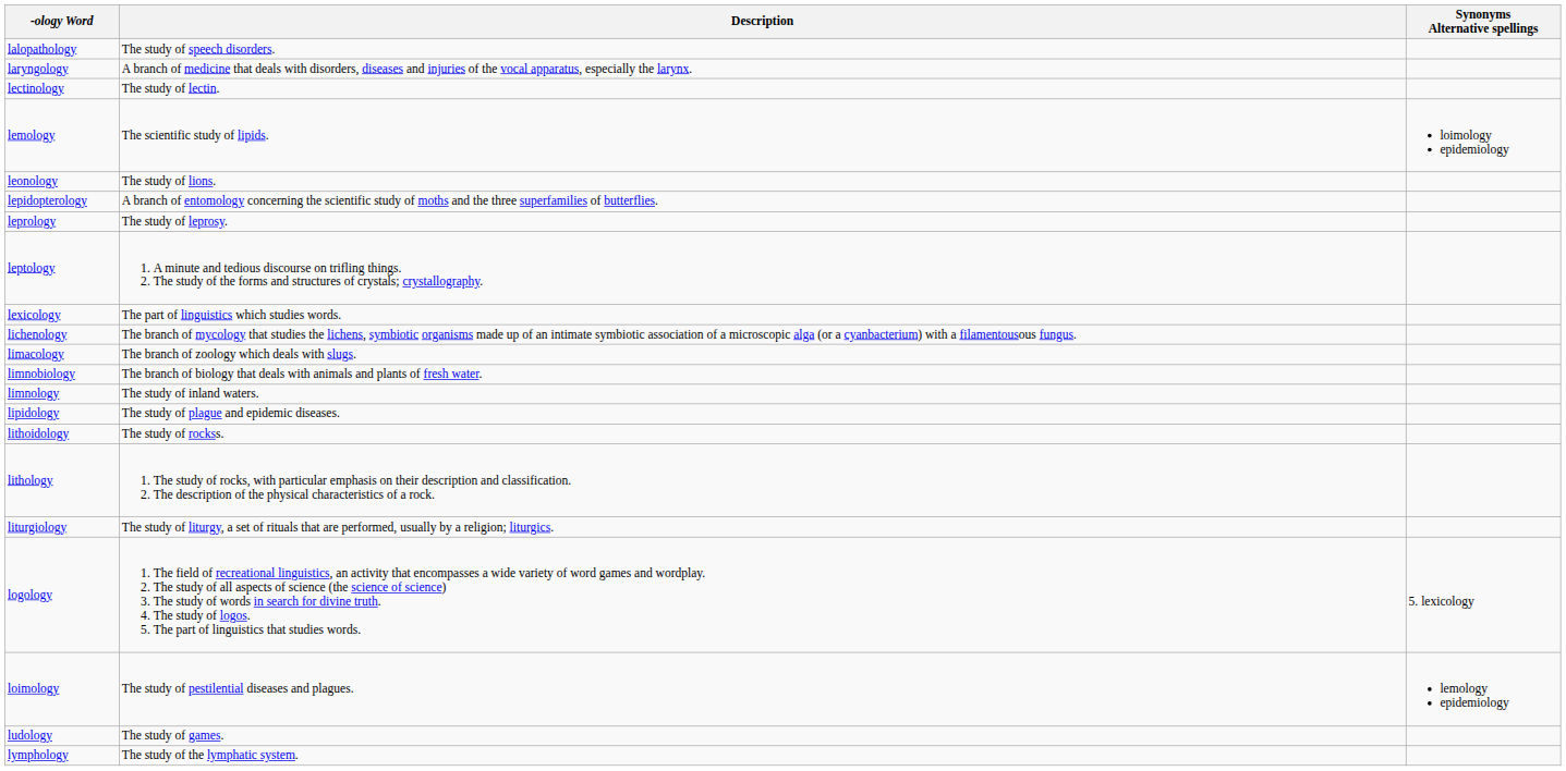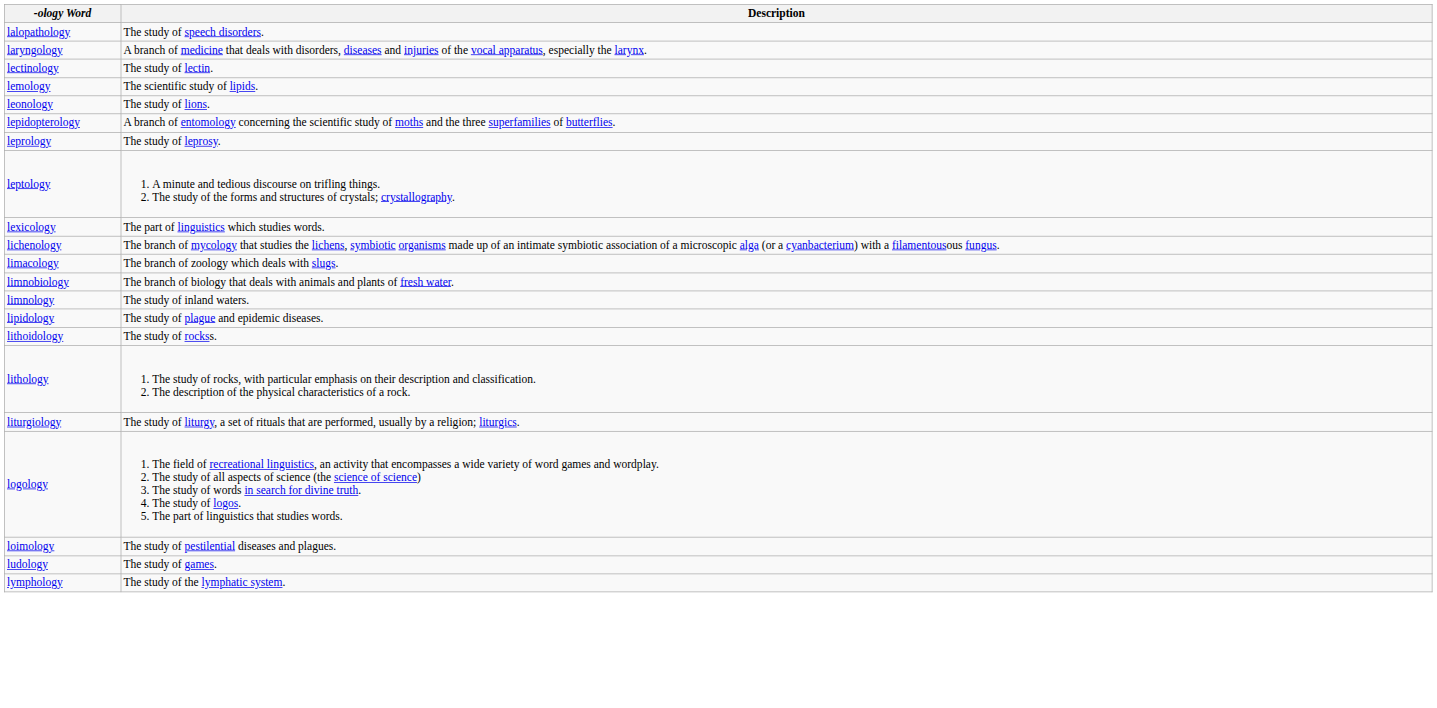 <table class="wikitable" style="width:100%;">
 <tr>
 <th><em>-ology Word</em></th>
 <th>Description</th>
-<th>Synonyms<br>Alternative spellings</th>
 </tr>
 <tr>
 <td><a href='#'>lalopathology</a></td>
 <td>The study of <a href='#'>speech disorders</a>.</td>
-<td></td>
 </tr>
 <tr>
 <td><a href='#'>laryngology</a></td>
 <td>A branch of <a href='#'>medicine</a> that deals with disorders, <a href='#'>diseases</a> and <a href='#'>injuries</a> of the <a href='#'>vocal apparatus</a>, especially the <a href='#'>larynx</a>.</td>
-<td></td>
 </tr>
 <tr>
 <td><a href='#'>lectinology</a></td>
 <td>The study of <a href='#'>lectin</a>.</td>
-<td></td>
 </tr>
 <tr>
 <td><a href='#'>lemology</a></td>
 <td>The scientific study of <a href='#'>lipids</a>.</td>
-<td><br><ul><li>loimology</li><li>epidemiology</li></ul></td>
 </tr>
 <tr>
 <td><a href='#'>leonology</a></td>
 <td>The study of <a href='#'>lions</a>.</td>
-<td></td>
 </tr>
 <tr>
 <td><a href='#'>lepidopterology</a></td>
 <td>A branch of <a href='#'>entomology</a> concerning the scientific study of <a href='#'>moths</a> and the three <a href='#'>superfamilies</a> of <a href='#'>butterflies</a>.</td>
-<td></td>
 </tr>
 <tr>
 <td><a href='#'>leprology</a></td>
 <td>The study of <a href='#'>leprosy</a>.</td>
-<td></td>
 </tr>
 <tr>
 <td><a href='#'>leptology</a></td>
 <td><br><ol><li>A minute and tedious discourse on trifling things.</li><li>The study of the forms and structures of crystals; <a href='#'>crystallography</a>.</li></ol></td>
-<td></td>
 </tr>
 <tr>
 <td><a href='#'>lexicology</a></td>
 <td>The part of <a href='#'>linguistics</a> which studies words.</td>
-<td></td>
 </tr>
 <tr>
 <td><a href='#'>lichenology</a></td>
 <td>The branch of <a href='#'>mycology</a> that studies the <a href='#'>lichens</a>, <a href='#'>symbiotic</a> <a href='#'>organisms</a> made up of an intimate symbiotic association of a microscopic <a href='#'>alga</a> (or a <a href='#'>cyanbacterium</a>) with a <a href='#'>filamentous</a>ous <a href='#'>fungus</a>.</td>
-<td></td>
 </tr>
 <tr>
 <td><a href='#'>limacology</a></td>
 <td>The branch of zoology which deals with <a href='#'>slugs</a>.</td>
-<td></td>
 </tr>
 <tr>
 <td><a href='#'>limnobiology</a></td>
 <td>The branch of biology that deals with animals and plants of <a href='#'>fresh water</a>.</td>
-<td></td>
 </tr>
 <tr>
 <td><a href='#'>limnology</a></td>
 <td>The study of inland waters.</td>
-<td></td>
 </tr>
 <tr>
 <td><a href='#'>lipidology</a></td>
 <td>The study of <a href='#'>plague</a> and epidemic diseases.</td>
-<td></td>
 </tr>
 <tr>
 <td><a href='#'>lithoidology</a></td>
 <td>The study of <a href='#'>rocks</a>s.</td>
-<td></td>
 </tr>
 <tr>
 <td><a href='#'>lithology</a></td>
 <td><br><ol><li>The study of rocks, with particular emphasis on their description and classification.</li><li>The description of the physical characteristics of a rock.</li></ol></td>
-<td></td>
 </tr>
 <tr>
 <td><a href='#'>liturgiology</a></td>
 <td>The study of <a href='#'>liturgy</a>, a set of rituals that are performed, usually by a religion; <a href='#'>liturgics</a>.</td>
-<td></td>
 </tr>
 <tr>
 <td><a href='#'>logology</a></td>
 <td><br><ol><li>The field of <a href='#'>recreational linguistics</a>, an activity that encompasses a wide variety of word games and wordplay.</li><li>The study of all aspects of science (the <a href='#'>science of science</a>)</li><li>The study of words <a href='#'>in search for divine truth</a>.</li><li>The study of <a href='#'>logos</a>.</li><li>The part of linguistics that studies words.</li></ol></td>
-<td><br>5. lexicology</td>
 </tr>
 <tr>
 <td><a href='#'>loimology</a></td>
 <td>The study of <a href='#'>pestilential</a> diseases and plagues.</td>
-<td><br><ul><li>lemology</li><li>epidemiology</li></ul></td>
 </tr>
 <tr>
 <td><a href='#'>ludology</a></td>
 <td>The study of <a href='#'>games</a>.</td>
-<td></td>
 </tr>
 <tr>
 <td><a href='#'>lymphology</a></td>
 <td>The study of the <a href='#'>lymphatic system</a>.</td>
-<td></td>
 </tr>
 </table>
